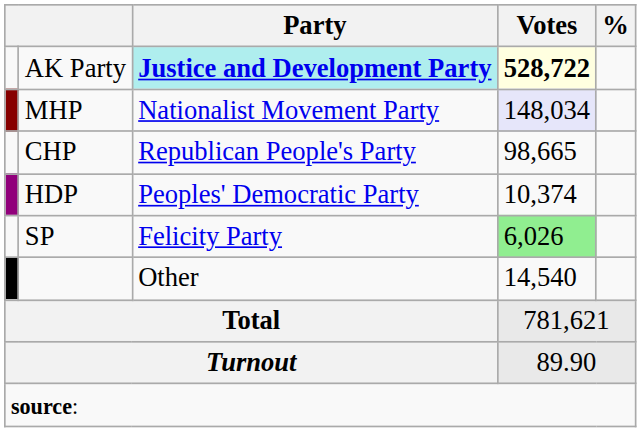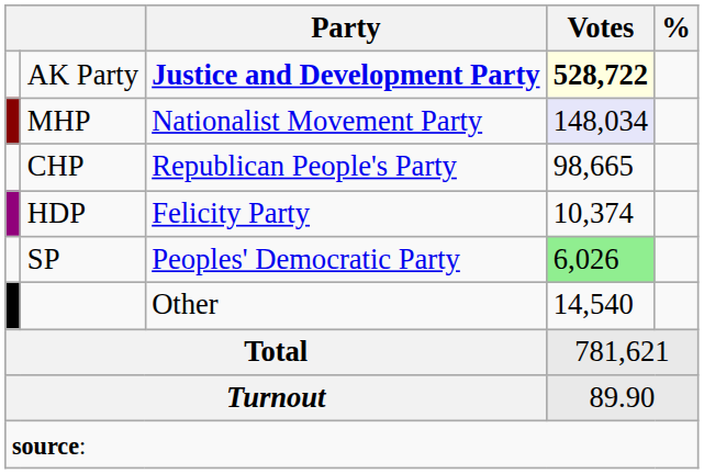 <table class="wikitable">
 <tr>
 <th colspan="2" align="center"></th>
 <th align="center">Party</th>
 <th align="center">Votes</th>
 <th align="center">%</th>
 </tr>
 <tr align="left">
 <td></td>
 <td>AK Party</td>
-<td style="background: paleturquoise;"><strong><a href='#'>Justice and Development Party</a></strong></td>
+<td><strong><a href='#'>Justice and Development Party</a></strong></td>
 <td style="background: lightyellow;"><strong>528,722</strong></td>
 <td><strong></strong></td>
 </tr>
 <tr align="left">
 <td bgcolor="#870000" width="1"></td>
 <td>MHP</td>
 <td><a href='#'>Nationalist Movement Party</a></td>
 <td style="background: lavender;">148,034</td>
 <td></td>
 </tr>
 <tr align="left">
 <td></td>
 <td>CHP</td>
 <td><a href='#'>Republican People's Party</a></td>
 <td>98,665</td>
 <td></td>
 </tr>
 <tr align="left">
 <td bgcolor="#91007B" width="1"></td>
 <td>HDP</td>
-<td><a href='#'>Peoples' Democratic Party</a></td>
+<td><a href='#'>Felicity Party</a></td>
 <td>10,374</td>
 <td></td>
 </tr>
 <tr align="left">
 <td></td>
 <td>SP</td>
-<td><a href='#'>Felicity Party</a></td>
+<td><a href='#'>Peoples' Democratic Party</a></td>
 <td style="background: lightgreen;">6,026</td>
 <td></td>
 </tr>
 <tr align="left">
 <td bgcolor=" " width="1"></td>
 <td></td>
 <td>Other</td>
 <td>14,540</td>
 <td></td>
 </tr>
 <tr align="left" style="background-color:#E9E9E9">
 <th colspan="3" align="center"><strong>Total</strong></th>
 <td colspan="5" align="center">781,621</td>
 </tr>
 <tr align="left" style="background-color:#E9E9E9">
 <th colspan="3" align="center"><em>Turnout</em></th>
 <td colspan="5" align="center">89.90</td>
 </tr>
 <tr>
 <td colspan="9" align="left"><small><strong>source</strong>: </small></td>
 </tr>
 </table>
